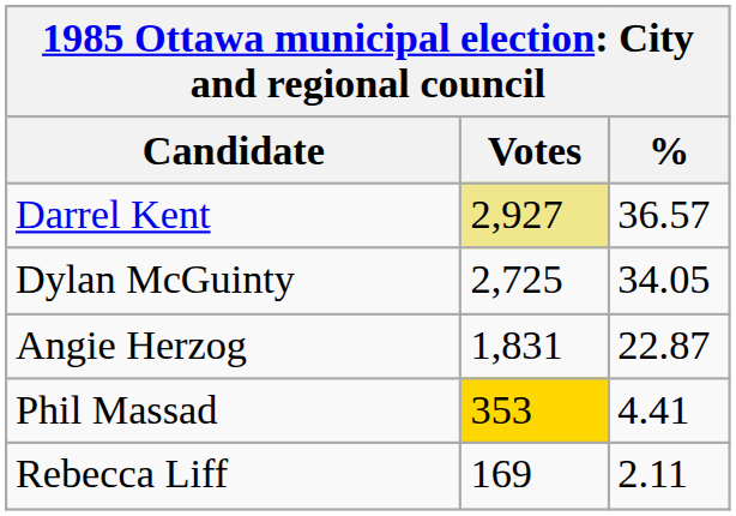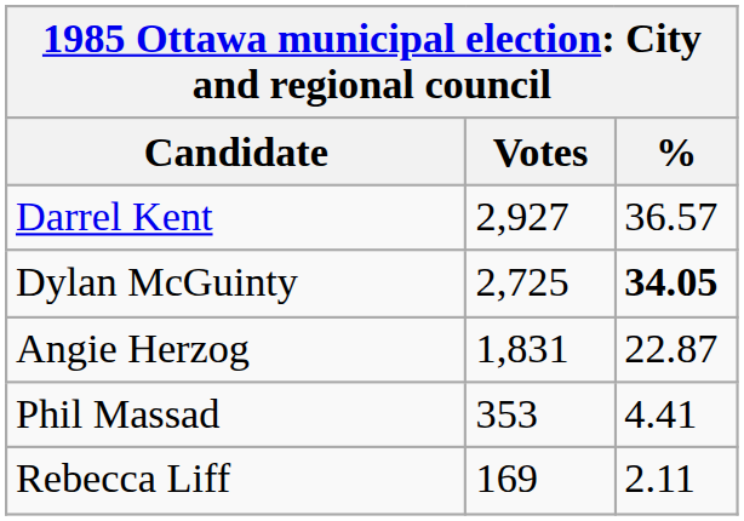 <table class="wikitable">
 <tr>
 <th colspan="3"><a href='#'>1985 Ottawa municipal election</a>: City and regional council</th>
 </tr>
 <tr>
 <th style="width: 170px">Candidate</th>
 <th style="width: 50px">Votes</th>
 <th style="width: 40px">%</th>
 </tr>
 <tr>
 <td><a href='#'>Darrel Kent</a></td>
-<td style="background: khaki;">2,927</td>
+<td>2,927</td>
 <td>36.57</td>
 </tr>
 <tr>
 <td>Dylan McGuinty</td>
 <td>2,725</td>
-<td>34.05</td>
+<td><strong>34.05</strong></td>
 </tr>
 <tr>
 <td>Angie Herzog</td>
 <td>1,831</td>
 <td>22.87</td>
 </tr>
 <tr>
 <td>Phil Massad</td>
-<td style="background: gold;">353</td>
+<td>353</td>
 <td>4.41</td>
 </tr>
 <tr>
 <td>Rebecca Liff</td>
 <td>169</td>
 <td>2.11</td>
 </tr>
 </table>
